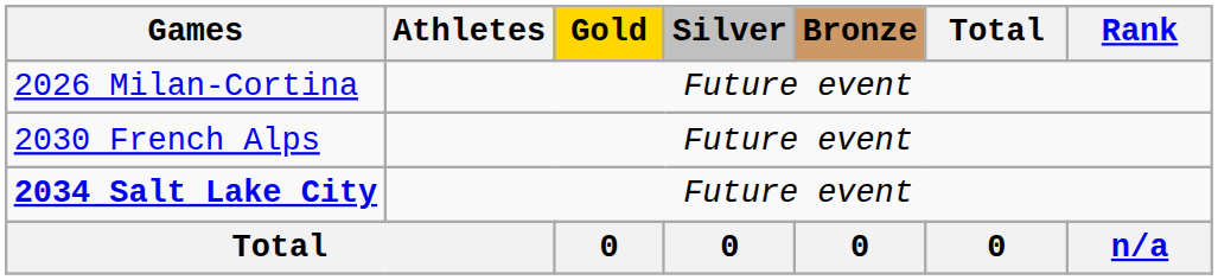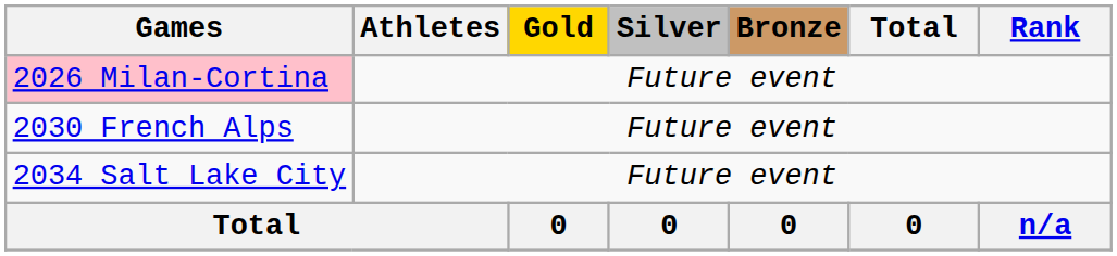 <table class="wikitable" style="text-align:center; font-size:90%;">
 <tr>
 <th>Games</th>
 <th>Athletes</th>
 <td style="background:gold; width:3.0em; font-weight:bold;">Gold</td>
 <td style="background:silver; width:3.0em; font-weight:bold;">Silver</td>
 <td style="background:#cc9966; width:3.0em; font-weight:bold;">Bronze</td>
 <th style="width:4em; font-weight:bold;">Total</th>
 <th style="width:4em; font-weight:bold;"><a href='#'>Rank</a></th>
 </tr>
 <tr>
-<td align=left> <a href='#'>2026 Milan-Cortina</a></td>
+<td align=left style="background: pink;"> <a href='#'>2026 Milan-Cortina</a></td>
 <td colspan=7><em>Future event</em></td>
 </tr>
 <tr>
 <td align=left> <a href='#'>2030 French Alps</a></td>
 <td colspan=7><em>Future event</em></td>
 </tr>
 <tr>
-<td align=left><strong> <a href='#'>2034 Salt Lake City</a></strong></td>
+<td align=left> <a href='#'>2034 Salt Lake City</a></td>
 <td colspan=7><em>Future event</em></td>
 </tr>
 <tr>
 <th colspan=2>Total</th>
 <th>0</th>
 <th>0</th>
 <th>0</th>
 <th>0</th>
 <th><a href='#'>n/a</a></th>
 </tr>
 </table>
